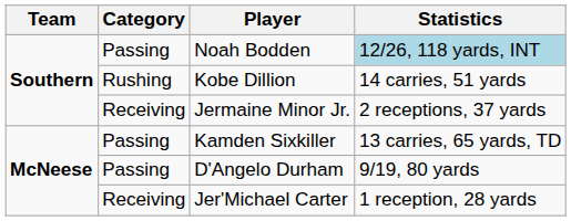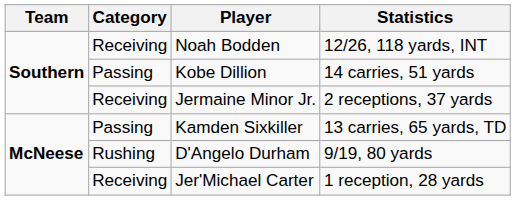 <table class="wikitable" style="float: right;">
 <tr>
 <th>Team</th>
 <th>Category</th>
 <th>Player</th>
 <th>Statistics</th>
 </tr>
 <tr>
 <td rowspan=3><strong>Southern</strong></td>
-<td>Passing</td>
+<td>Receiving</td>
 <td>Noah Bodden</td>
-<td style="background: lightblue;">12/26, 118 yards, INT</td>
+<td>12/26, 118 yards, INT</td>
 </tr>
 <tr>
-<td>Rushing</td>
+<td>Passing</td>
 <td>Kobe Dillion</td>
 <td>14 carries, 51 yards</td>
 </tr>
 <tr>
 <td>Receiving</td>
 <td>Jermaine Minor Jr.</td>
 <td>2 receptions, 37 yards</td>
 </tr>
 <tr>
 <td rowspan=3><strong>McNeese</strong></td>
 <td>Passing</td>
 <td>Kamden Sixkiller</td>
 <td>13 carries, 65 yards, TD</td>
 </tr>
 <tr>
-<td>Passing</td>
+<td>Rushing</td>
 <td>D'Angelo Durham</td>
 <td>9/19, 80 yards</td>
 </tr>
 <tr>
 <td>Receiving</td>
 <td>Jer'Michael Carter</td>
 <td>1 reception, 28 yards</td>
 </tr>
 </table>
